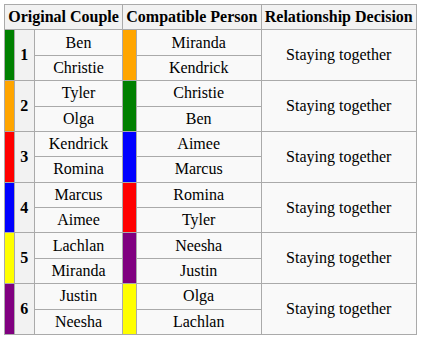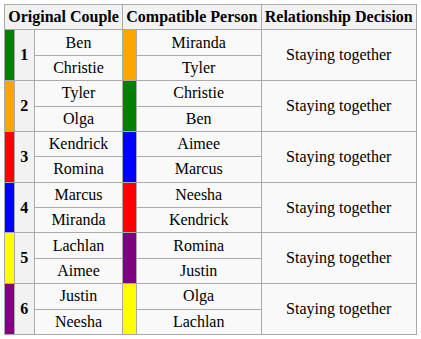 <table class="wikitable plainrowheaders" style="text-align:center">
 <tr>
 <th colspan="3">Original Couple</th>
 <th colspan="2">Compatible Person</th>
 <th>Relationship Decision</th>
 </tr>
 <tr>
 <th rowspan="2" style="background:green; color:black;"></th>
 <th rowspan="2">1</th>
 <td>Ben</td>
 <td rowspan="2" style="background:orange; color:black;"></td>
 <td>Miranda</td>
 <td rowspan="2">Staying together</td>
 </tr>
 <tr>
 <td>Christie</td>
-<td>Kendrick</td>
+<td>Tyler</td>
 </tr>
 <tr>
 <th rowspan="2" style="background:orange; color:black;"></th>
 <th rowspan="2">2</th>
 <td>Tyler</td>
 <td rowspan="2" style="background:green; color:black;"></td>
 <td>Christie</td>
 <td rowspan="2">Staying together</td>
 </tr>
 <tr>
 <td>Olga</td>
 <td>Ben</td>
 </tr>
 <tr>
 <th rowspan="2" style="background:red; color:black;"></th>
 <th rowspan="2">3</th>
 <td>Kendrick</td>
 <td rowspan="2" style="background:blue; color:black;"></td>
 <td>Aimee</td>
 <td rowspan="2">Staying together</td>
 </tr>
 <tr>
 <td>Romina</td>
 <td>Marcus</td>
 </tr>
 <tr>
 <th rowspan="2" style="background:blue; color:black;"></th>
 <th rowspan="2">4</th>
 <td>Marcus</td>
 <td rowspan="2" style="background:red; color:black;"></td>
-<td>Romina</td>
+<td>Neesha</td>
 <td rowspan="2">Staying together</td>
 </tr>
 <tr>
-<td>Aimee</td>
-<td>Tyler</td>
+<td>Miranda</td>
+<td>Kendrick</td>
 </tr>
 <tr>
 <th rowspan="2" style="background:yellow; color:black;"></th>
 <th rowspan="2">5</th>
 <td>Lachlan</td>
 <td rowspan="2" style="background:purple; color:black;"></td>
-<td>Neesha</td>
+<td>Romina</td>
 <td rowspan="2">Staying together</td>
 </tr>
 <tr>
-<td>Miranda</td>
+<td>Aimee</td>
 <td>Justin</td>
 </tr>
 <tr>
 <th rowspan="2" style="background:purple; color:black;"></th>
 <th rowspan="2">6</th>
 <td>Justin</td>
 <td rowspan="2" style="background:yellow; color:black;"></td>
 <td>Olga</td>
 <td rowspan="2">Staying together</td>
 </tr>
 <tr>
 <td>Neesha</td>
 <td>Lachlan</td>
 </tr>
 </table>
